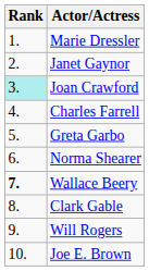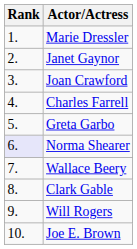 <table class="wikitable">
 <tr>
 <th>Rank</th>
 <th>Actor/Actress</th>
 </tr>
 <tr>
 <td>1.</td>
 <td><a href='#'>Marie Dressler</a></td>
 </tr>
 <tr>
 <td>2.</td>
 <td><a href='#'>Janet Gaynor</a></td>
 </tr>
 <tr>
-<td style="background: paleturquoise;">3.</td>
+<td>3.</td>
 <td><a href='#'>Joan Crawford</a></td>
 </tr>
 <tr>
 <td>4.</td>
 <td><a href='#'>Charles Farrell</a></td>
 </tr>
 <tr>
 <td>5.</td>
 <td><a href='#'>Greta Garbo</a></td>
 </tr>
 <tr>
-<td>6.</td>
+<td style="background: lavender;">6.</td>
 <td><a href='#'>Norma Shearer</a></td>
 </tr>
 <tr>
-<td><strong>7.</strong></td>
+<td>7.</td>
 <td><a href='#'>Wallace Beery</a></td>
 </tr>
 <tr>
 <td>8.</td>
 <td><a href='#'>Clark Gable</a></td>
 </tr>
 <tr>
 <td>9.</td>
 <td><a href='#'>Will Rogers</a></td>
 </tr>
 <tr>
 <td>10.</td>
 <td><a href='#'>Joe E. Brown</a></td>
 </tr>
 </table>
